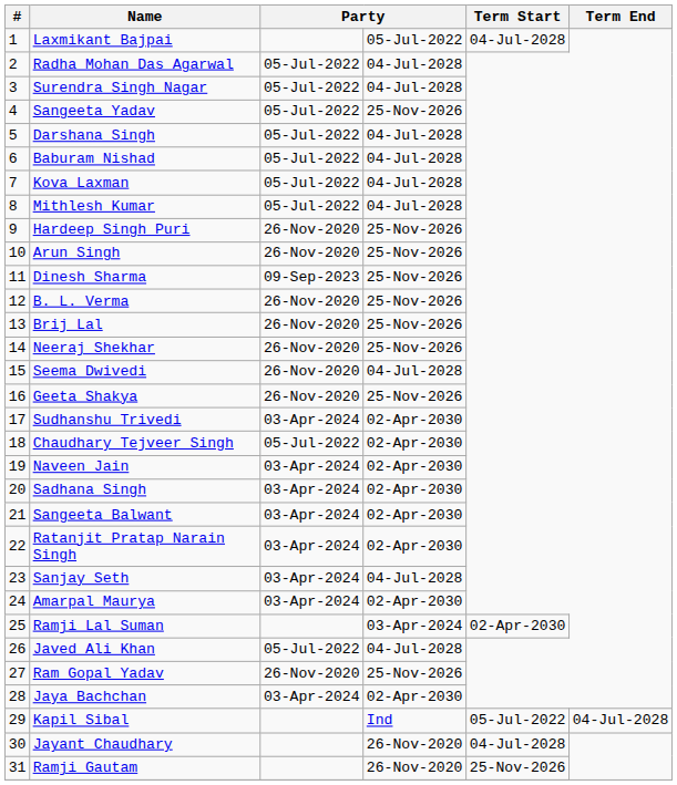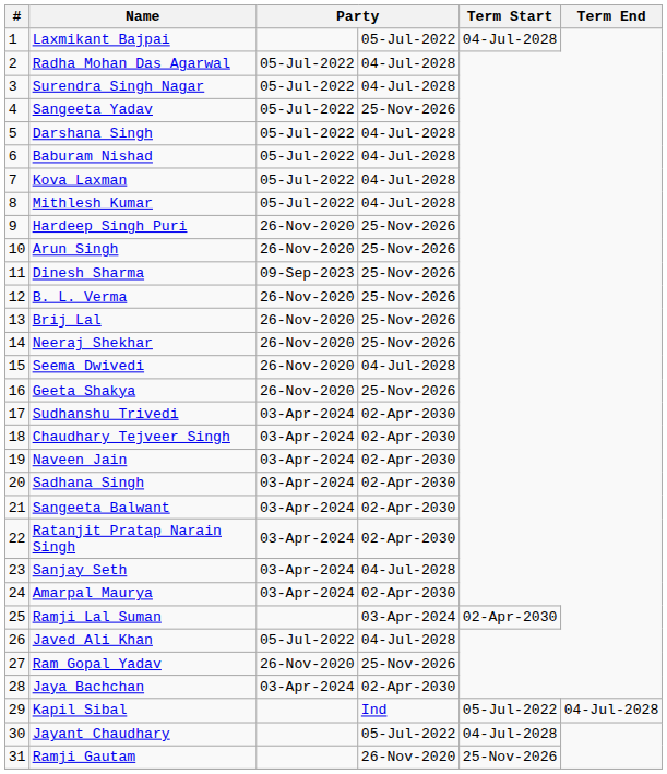 <table class="wikitable sortable">
 <tr>
 <th>#</th>
 <th style="width:200px">Name</th>
 <th colspan="2">Party</th>
 <th>Term Start</th>
 <th>Term End</th>
 </tr>
 <tr>
 <td>1</td>
 <td><a href='#'>Laxmikant Bajpai</a></td>
 <td></td>
 <td>05-Jul-2022</td>
 <td>04-Jul-2028</td>
 </tr>
 <tr>
 <td>2</td>
 <td><a href='#'>Radha Mohan Das Agarwal</a></td>
 <td>05-Jul-2022</td>
 <td>04-Jul-2028</td>
 </tr>
 <tr>
 <td>3</td>
 <td><a href='#'>Surendra Singh Nagar</a></td>
 <td>05-Jul-2022</td>
 <td>04-Jul-2028</td>
 </tr>
 <tr>
 <td>4</td>
 <td><a href='#'>Sangeeta Yadav</a></td>
 <td>05-Jul-2022</td>
 <td>25-Nov-2026</td>
 </tr>
 <tr>
 <td>5</td>
 <td><a href='#'>Darshana Singh</a></td>
 <td>05-Jul-2022</td>
 <td>04-Jul-2028</td>
 </tr>
 <tr>
 <td>6</td>
 <td><a href='#'>Baburam Nishad</a></td>
 <td>05-Jul-2022</td>
 <td>04-Jul-2028</td>
 </tr>
 <tr>
 <td>7</td>
 <td><a href='#'>Kova Laxman</a></td>
 <td>05-Jul-2022</td>
 <td>04-Jul-2028</td>
 </tr>
 <tr>
 <td>8</td>
 <td><a href='#'>Mithlesh Kumar</a></td>
 <td>05-Jul-2022</td>
 <td>04-Jul-2028</td>
 </tr>
 <tr>
 <td>9</td>
 <td><a href='#'>Hardeep Singh Puri</a></td>
 <td>26-Nov-2020</td>
 <td>25-Nov-2026</td>
 </tr>
 <tr>
 <td>10</td>
 <td><a href='#'>Arun Singh</a></td>
 <td>26-Nov-2020</td>
 <td>25-Nov-2026</td>
 </tr>
 <tr>
 <td>11</td>
 <td><a href='#'>Dinesh Sharma</a></td>
 <td>09-Sep-2023</td>
 <td>25-Nov-2026</td>
 </tr>
 <tr>
 <td>12</td>
 <td><a href='#'>B. L. Verma</a></td>
 <td>26-Nov-2020</td>
 <td>25-Nov-2026</td>
 </tr>
 <tr>
 <td>13</td>
 <td><a href='#'>Brij Lal</a></td>
 <td>26-Nov-2020</td>
 <td>25-Nov-2026</td>
 </tr>
 <tr>
 <td>14</td>
 <td><a href='#'>Neeraj Shekhar</a></td>
 <td>26-Nov-2020</td>
 <td>25-Nov-2026</td>
 </tr>
 <tr>
 <td>15</td>
 <td><a href='#'>Seema Dwivedi</a></td>
 <td>26-Nov-2020</td>
 <td>04-Jul-2028</td>
 </tr>
 <tr>
 <td>16</td>
 <td><a href='#'>Geeta Shakya</a></td>
 <td>26-Nov-2020</td>
 <td>25-Nov-2026</td>
 </tr>
 <tr>
 <td>17</td>
 <td><a href='#'>Sudhanshu Trivedi</a></td>
 <td>03-Apr-2024</td>
 <td>02-Apr-2030</td>
 </tr>
 <tr>
 <td>18</td>
 <td><a href='#'>Chaudhary Tejveer Singh</a></td>
-<td>05-Jul-2022</td>
+<td>03-Apr-2024</td>
 <td>02-Apr-2030</td>
 </tr>
 <tr>
 <td>19</td>
 <td><a href='#'>Naveen Jain</a></td>
 <td>03-Apr-2024</td>
 <td>02-Apr-2030</td>
 </tr>
 <tr>
 <td>20</td>
 <td><a href='#'>Sadhana Singh</a></td>
 <td>03-Apr-2024</td>
 <td>02-Apr-2030</td>
 </tr>
 <tr>
 <td>21</td>
 <td><a href='#'>Sangeeta Balwant</a></td>
 <td>03-Apr-2024</td>
 <td>02-Apr-2030</td>
 </tr>
 <tr>
 <td>22</td>
 <td><a href='#'>Ratanjit Pratap Narain Singh</a></td>
 <td>03-Apr-2024</td>
 <td>02-Apr-2030</td>
 </tr>
 <tr>
 <td>23</td>
 <td><a href='#'>Sanjay Seth</a></td>
 <td>03-Apr-2024</td>
 <td>04-Jul-2028</td>
 </tr>
 <tr>
 <td>24</td>
 <td><a href='#'>Amarpal Maurya</a></td>
 <td>03-Apr-2024</td>
 <td>02-Apr-2030</td>
 </tr>
 <tr>
 <td>25</td>
 <td><a href='#'>Ramji Lal Suman</a></td>
 <td></td>
 <td>03-Apr-2024</td>
 <td>02-Apr-2030</td>
 </tr>
 <tr>
 <td>26</td>
 <td><a href='#'>Javed Ali Khan</a></td>
 <td>05-Jul-2022</td>
 <td>04-Jul-2028</td>
 </tr>
 <tr>
 <td>27</td>
 <td><a href='#'>Ram Gopal Yadav</a></td>
 <td>26-Nov-2020</td>
 <td>25-Nov-2026</td>
 </tr>
 <tr>
 <td>28</td>
 <td><a href='#'>Jaya Bachchan</a></td>
 <td>03-Apr-2024</td>
 <td>02-Apr-2030</td>
 </tr>
 <tr>
 <td>29</td>
 <td><a href='#'>Kapil Sibal</a></td>
 <td style="background-color: "></td>
 <td><a href='#'>Ind</a></td>
 <td>05-Jul-2022</td>
 <td>04-Jul-2028</td>
 </tr>
 <tr>
 <td>30</td>
 <td><a href='#'>Jayant Chaudhary</a></td>
 <td></td>
-<td>26-Nov-2020</td>
+<td>05-Jul-2022</td>
 <td>04-Jul-2028</td>
 </tr>
 <tr>
 <td>31</td>
 <td><a href='#'>Ramji Gautam</a></td>
 <td></td>
 <td>26-Nov-2020</td>
 <td>25-Nov-2026</td>
 </tr>
 <tr>
 </tr>
 </table>
